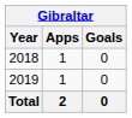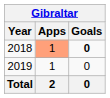 <table class="wikitable" style="text-align:center">
 <tr>
 <th colspan=4><a href='#'>Gibraltar</a></th>
 </tr>
 <tr>
 <th>Year</th>
 <th>Apps</th>
 <th>Goals</th>
 </tr>
 <tr>
 <td>2018</td>
-<td>1</td>
-<td>0</td>
+<td style="background: lightsalmon;">1</td>
+<td><strong>0</strong></td>
 </tr>
 <tr>
 <td>2019</td>
 <td>1</td>
 <td>0</td>
 </tr>
 <tr>
 <th>Total</th>
 <th>2</th>
 <th>0</th>
 </tr>
 </table>
